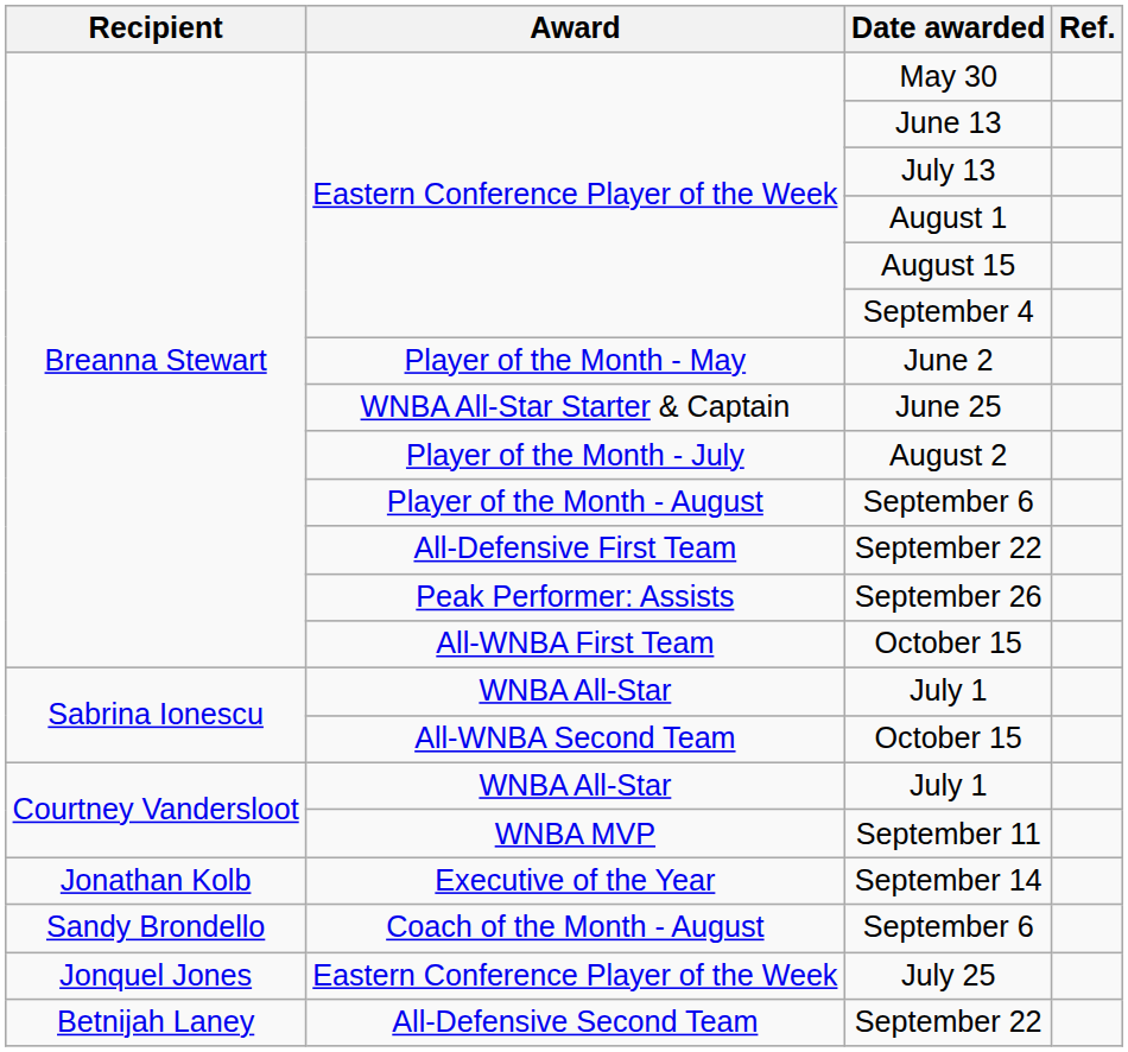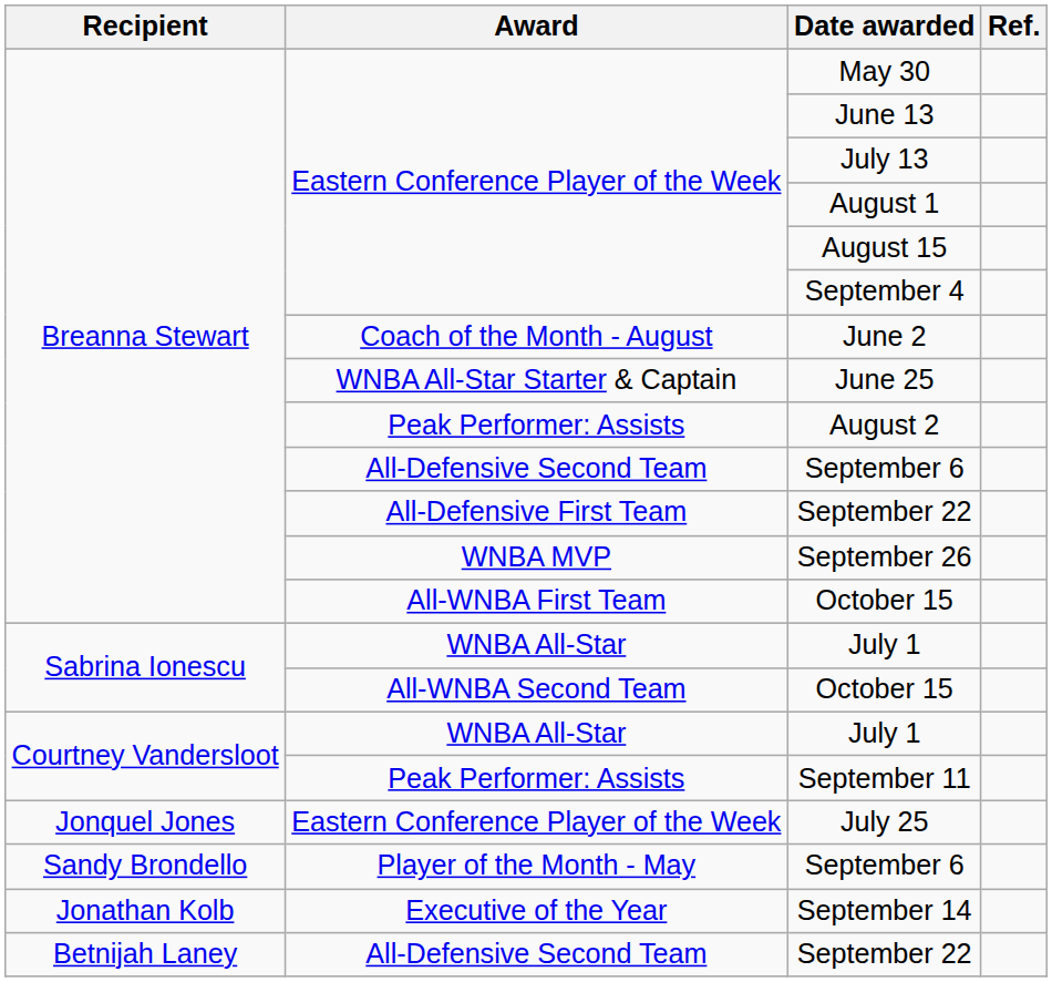 <table class="wikitable sortable sortable" style="text-align: center">
 <tr>
 <th>Recipient</th>
 <th>Award</th>
 <th>Date awarded</th>
 <th>Ref.</th>
 </tr>
 <tr>
 <td rowspan=13><a href='#'>Breanna Stewart</a></td>
 <td rowspan=6><a href='#'>Eastern Conference Player of the Week</a></td>
 <td>May 30</td>
 <td></td>
 </tr>
 <tr>
 <td>June 13</td>
 <td></td>
 </tr>
 <tr>
 <td>July 13</td>
 <td></td>
 </tr>
 <tr>
 <td>August 1</td>
 <td></td>
 </tr>
 <tr>
 <td>August 15</td>
 <td></td>
 </tr>
 <tr>
 <td>September 4</td>
 <td></td>
 </tr>
 <tr>
-<td><a href='#'>Player of the Month - May</a></td>
+<td><a href='#'>Coach of the Month - August</a></td>
 <td>June 2</td>
 <td></td>
 </tr>
 <tr>
 <td><a href='#'>WNBA All-Star Starter</a> & Captain</td>
 <td>June 25</td>
 <td></td>
 </tr>
 <tr>
-<td><a href='#'>Player of the Month - July</a></td>
+<td><a href='#'>Peak Performer: Assists</a></td>
 <td>August 2</td>
 <td></td>
 </tr>
 <tr>
-<td><a href='#'>Player of the Month - August</a></td>
+<td><a href='#'>All-Defensive Second Team</a></td>
 <td>September 6</td>
 <td></td>
 </tr>
 <tr>
 <td><a href='#'>All-Defensive First Team</a></td>
 <td>September 22</td>
 <td></td>
 </tr>
 <tr>
-<td><a href='#'>Peak Performer: Assists</a></td>
+<td><a href='#'>WNBA MVP</a></td>
 <td>September 26</td>
 <td></td>
 </tr>
 <tr>
 <td><a href='#'>All-WNBA First Team</a></td>
 <td>October 15</td>
 <td></td>
 </tr>
 <tr>
 <td rowspan=2><a href='#'>Sabrina Ionescu</a></td>
 <td><a href='#'>WNBA All-Star</a></td>
 <td>July 1</td>
 <td></td>
 </tr>
 <tr>
 <td><a href='#'>All-WNBA Second Team</a></td>
 <td>October 15</td>
 <td></td>
 </tr>
 <tr>
 <td rowspan=2><a href='#'>Courtney Vandersloot</a></td>
 <td><a href='#'>WNBA All-Star</a></td>
 <td>July 1</td>
 <td></td>
 </tr>
 <tr>
-<td><a href='#'>WNBA MVP</a></td>
+<td><a href='#'>Peak Performer: Assists</a></td>
 <td>September 11</td>
+<td></td>
+</tr>
+<tr>
+<td><a href='#'>Jonquel Jones</a></td>
+<td><a href='#'>Eastern Conference Player of the Week</a></td>
+<td>July 25</td>
+<td></td>
+</tr>
+<tr>
+<td><a href='#'>Sandy Brondello</a></td>
+<td><a href='#'>Player of the Month - May</a></td>
+<td>September 6</td>
 <td></td>
 </tr>
 <tr>
 <td><a href='#'>Jonathan Kolb</a></td>
 <td><a href='#'>Executive of the Year</a></td>
 <td>September 14</td>
 <td></td>
 </tr>
 <tr>
-<td><a href='#'>Sandy Brondello</a></td>
-<td><a href='#'>Coach of the Month - August</a></td>
-<td>September 6</td>
-<td></td>
-</tr>
-<tr>
-<td><a href='#'>Jonquel Jones</a></td>
-<td><a href='#'>Eastern Conference Player of the Week</a></td>
-<td>July 25</td>
-<td></td>
-</tr>
-<tr>
 <td><a href='#'>Betnijah Laney</a></td>
 <td><a href='#'>All-Defensive Second Team</a></td>
 <td>September 22</td>
 <td></td>
 </tr>
 </table>
